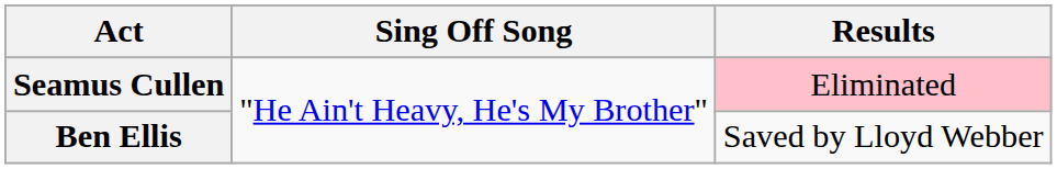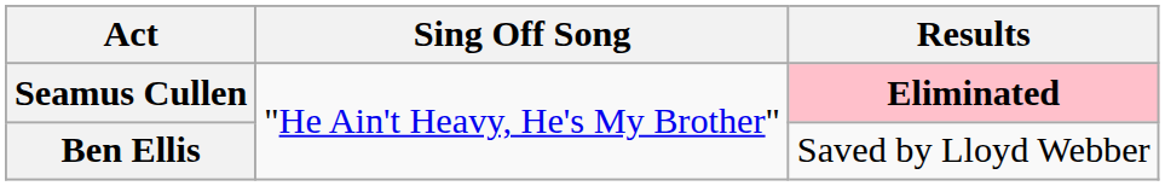 <table class="wikitable plainrowheaders" style="text-align:center;">
 <tr>
 <th scope="col">Act</th>
 <th scope="col">Sing Off Song</th>
 <th scope="col">Results</th>
 </tr>
 <tr>
 <th scope="row">Seamus Cullen</th>
 <td rowspan="2">"<a href='#'>He Ain't Heavy, He's My Brother</a>"</td>
-<td style="background:pink;">Eliminated</td>
+<td style="background:pink;"><strong>Eliminated</strong></td>
 </tr>
 <tr>
 <th scope="row">Ben Ellis</th>
 <td>Saved by Lloyd Webber</td>
 </tr>
 </table>
